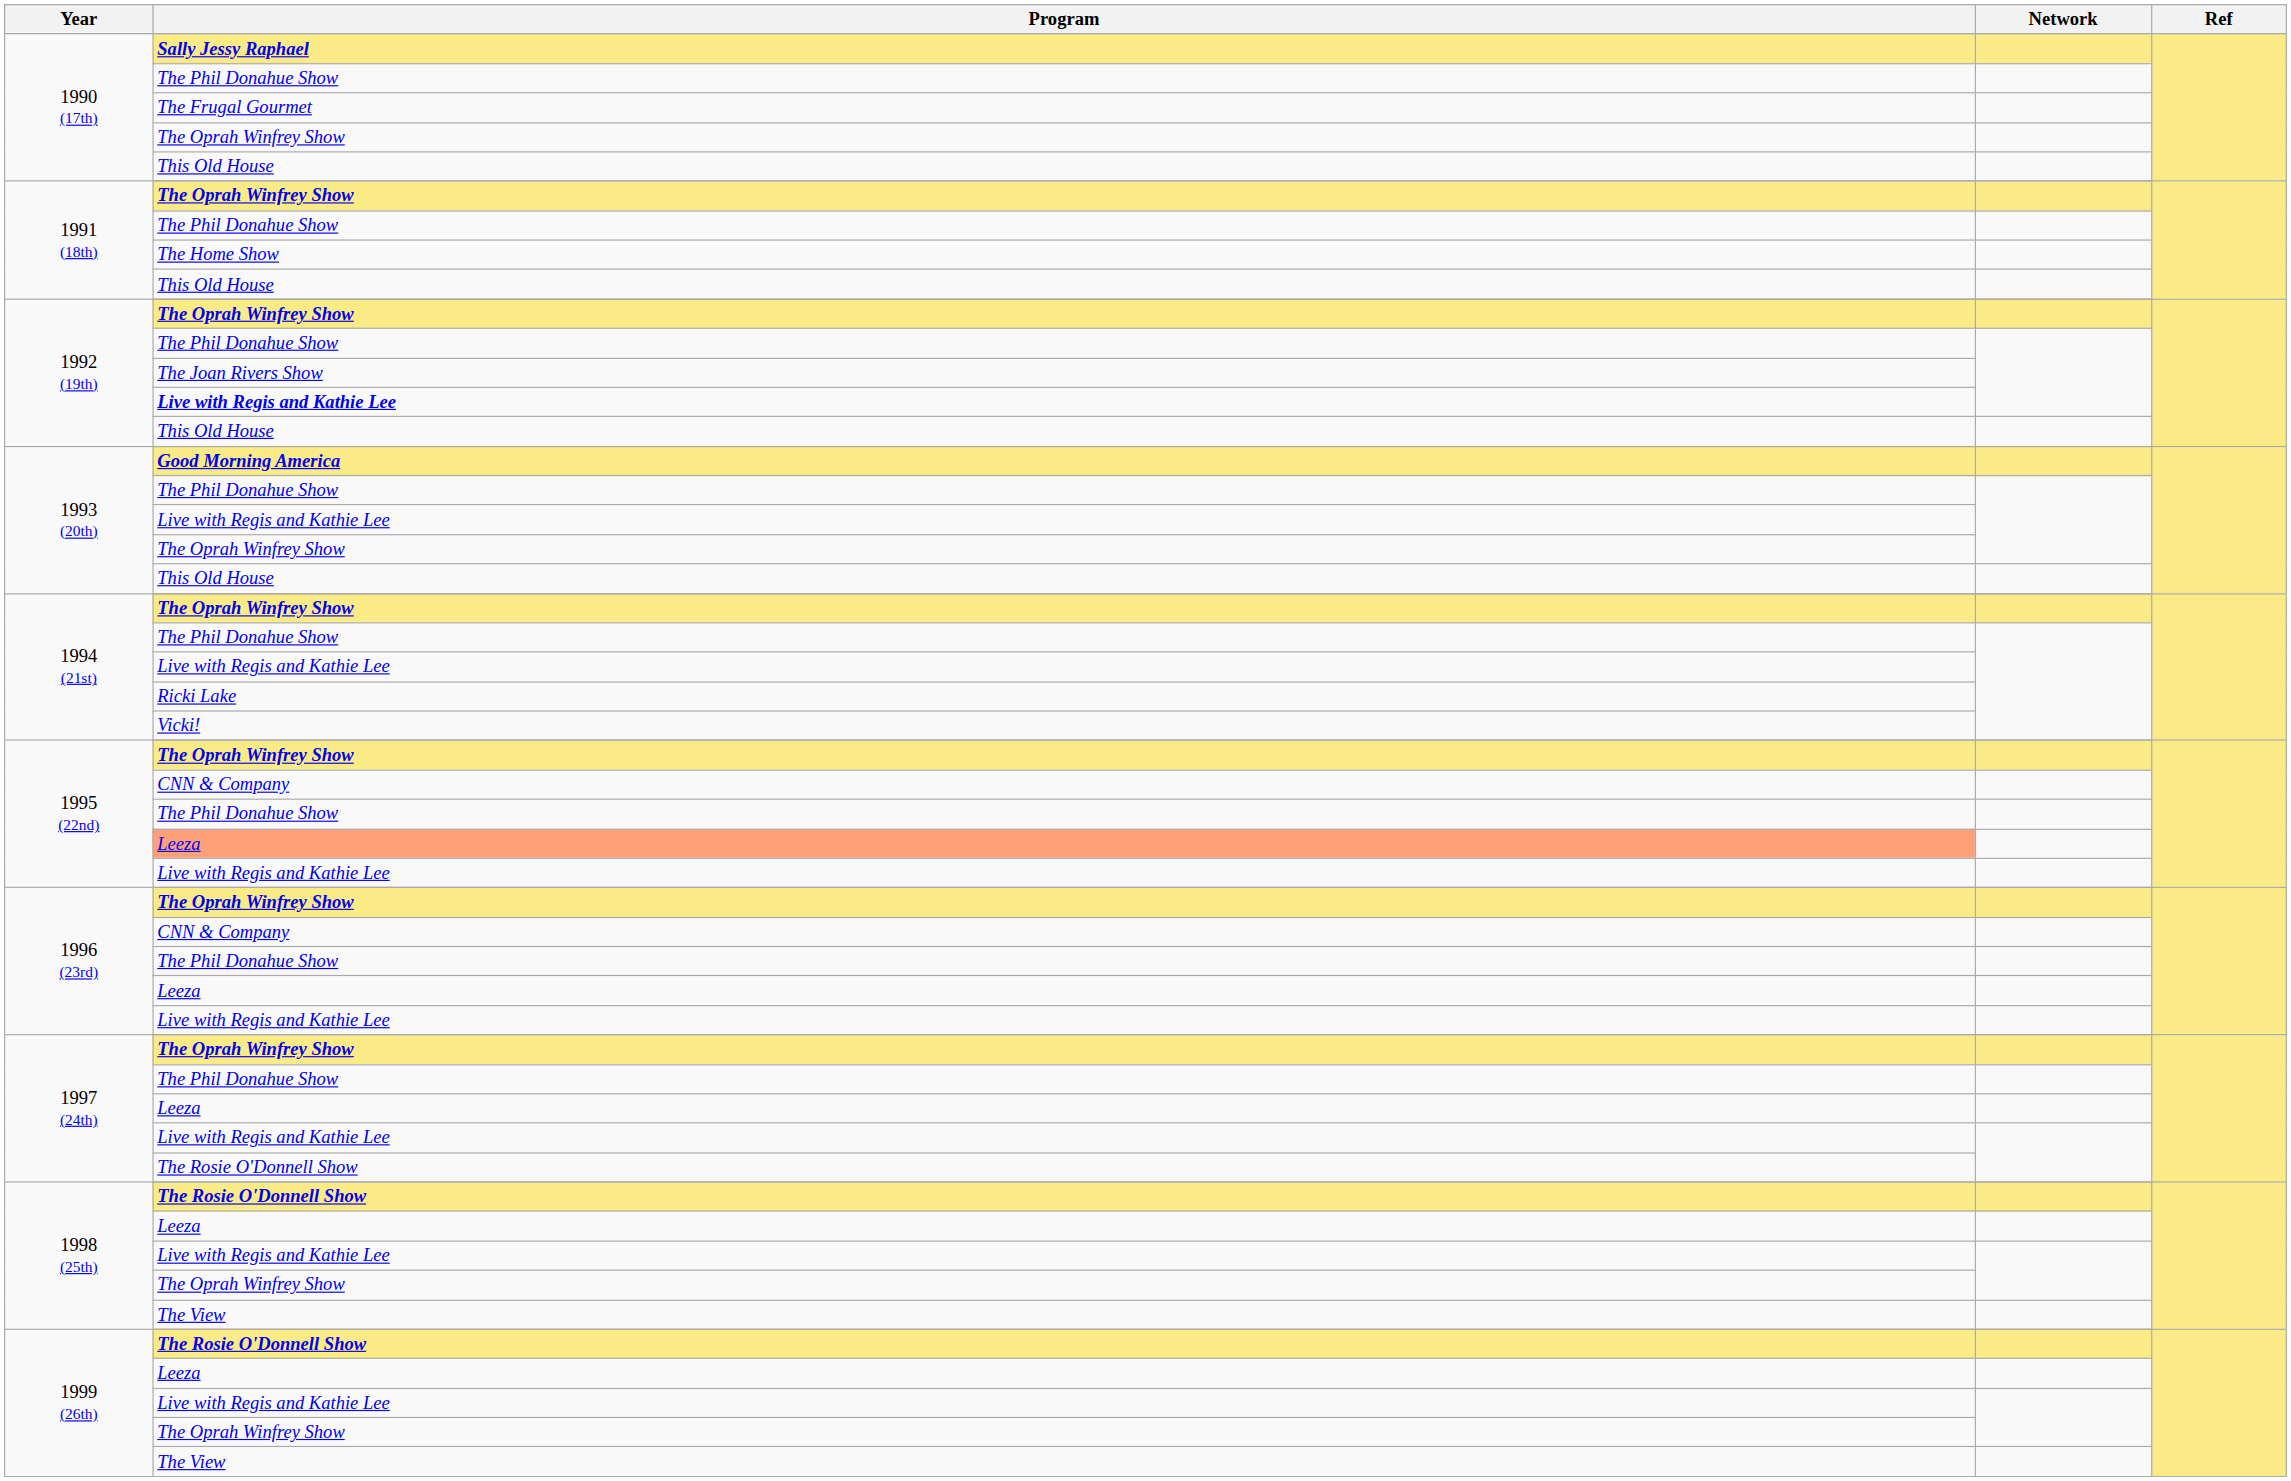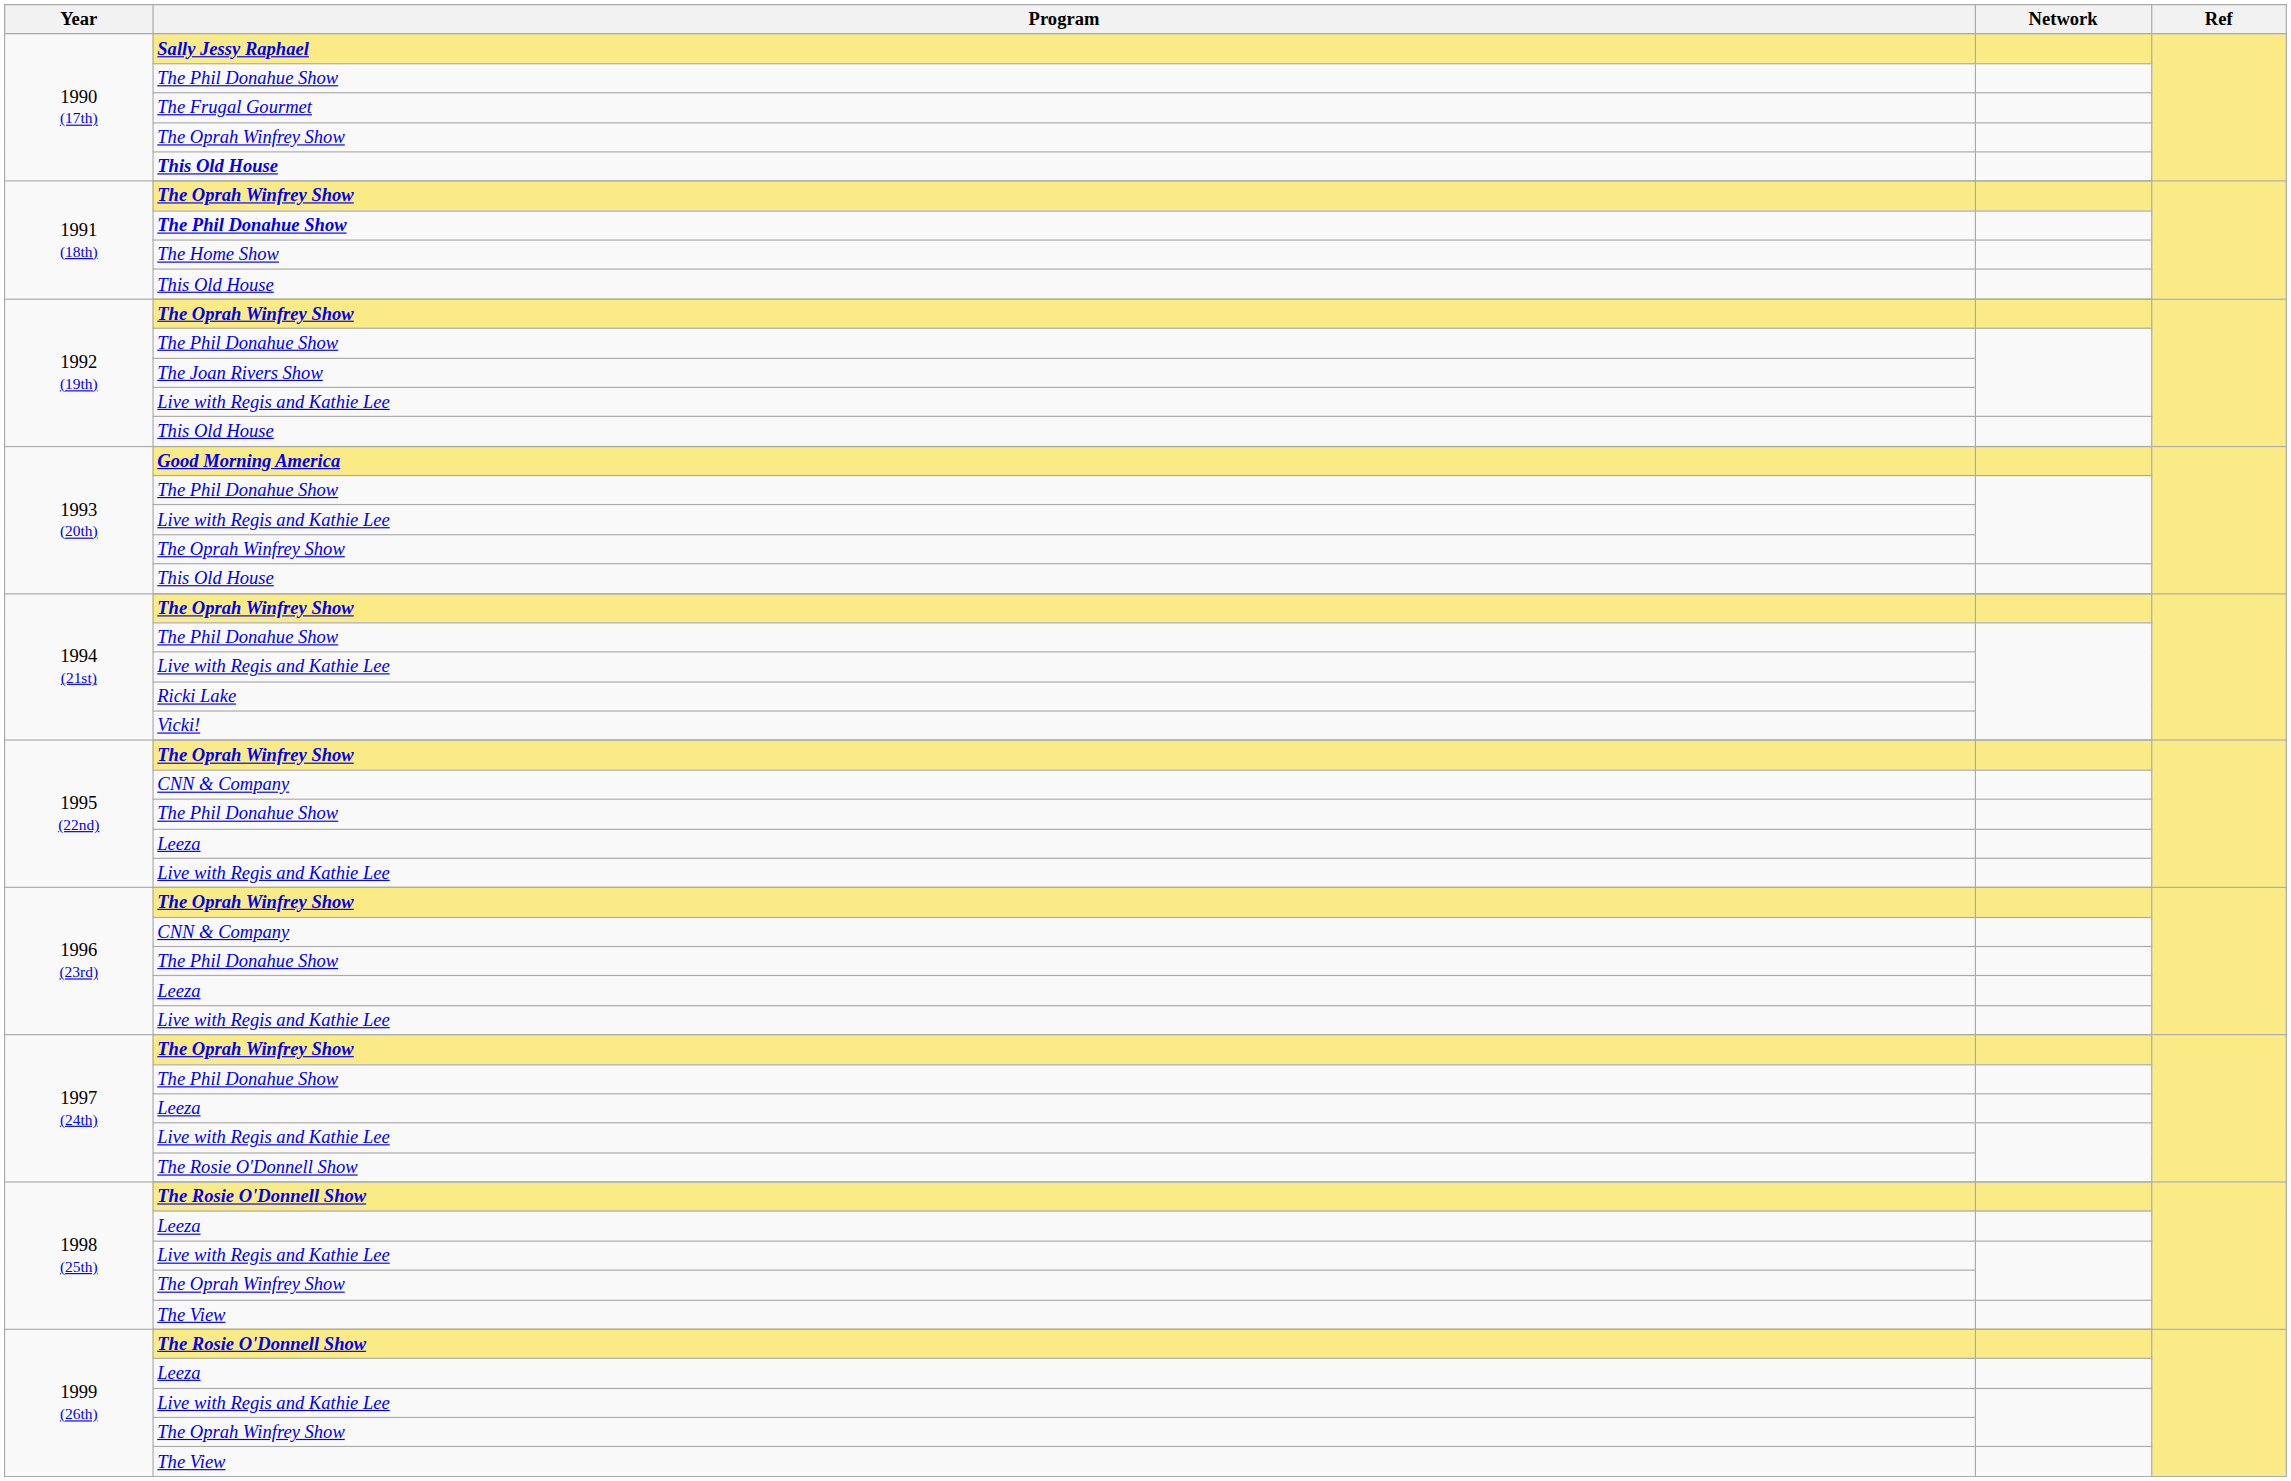 <table class="wikitable">
 <tr style="background:#bebebe;">
 <th style="width:1%;">Year</th>
 <th style="width:15%;">Program</th>
 <th style="width:1%;">Network</th>
 <th style="width:1%;">Ref</th>
 </tr>
 <tr>
 <td rowspan=6 style="text-align:center">1990 <br><small><a href='#'>(17th)</a></small></td>
 </tr>
 <tr style="background:#FAEB86">
 <td><strong><em><a href='#'>Sally Jessy Raphael</a></em></strong> </td>
 <td style="background:#FAEB86"></td>
 <td rowspan=6></td>
 </tr>
 <tr>
 <td><em><a href='#'>The Phil Donahue Show</a></em></td>
 <td></td>
 </tr>
 <tr>
 <td><em><a href='#'>The Frugal Gourmet</a></em></td>
 <td></td>
 </tr>
 <tr>
 <td><em><a href='#'>The Oprah Winfrey Show</a></em></td>
 <td></td>
 </tr>
 <tr>
-<td><em><a href='#'>This Old House</a></em></td>
+<td><strong><em><a href='#'>This Old House</a></em></strong></td>
 <td></td>
 </tr>
 <tr>
 <td rowspan=5 style="text-align:center">1991 <br><small><a href='#'>(18th)</a></small></td>
 </tr>
 <tr style="background:#FAEB86">
 <td><strong><em><a href='#'>The Oprah Winfrey Show</a></em></strong> </td>
 <td style="background:#FAEB86"></td>
 <td rowspan=5></td>
 </tr>
 <tr>
-<td><em><a href='#'>The Phil Donahue Show</a></em></td>
+<td><strong><em><a href='#'>The Phil Donahue Show</a></em></strong></td>
 <td></td>
 </tr>
 <tr>
 <td><em><a href='#'>The Home Show</a></em></td>
 <td></td>
 </tr>
 <tr>
 <td><em><a href='#'>This Old House</a></em></td>
 <td></td>
 </tr>
 <tr>
 <td rowspan=6 style="text-align:center">1992<br><small><a href='#'>(19th)</a></small></td>
 </tr>
 <tr style="background:#FAEB86">
 <td><strong><em><a href='#'>The Oprah Winfrey Show</a></em></strong> </td>
 <td style="background:#FAEB86"></td>
 <td rowspan=6></td>
 </tr>
 <tr>
 <td><em><a href='#'>The Phil Donahue Show</a></em></td>
 <td rowspan=3></td>
 </tr>
 <tr>
 <td><em><a href='#'>The Joan Rivers Show</a></em></td>
 </tr>
 <tr>
-<td><strong><em><a href='#'>Live with Regis and Kathie Lee</a></em></strong></td>
+<td><em><a href='#'>Live with Regis and Kathie Lee</a></em></td>
 </tr>
 <tr>
 <td><em><a href='#'>This Old House</a></em></td>
 <td></td>
 </tr>
 <tr>
 <td rowspan=6 style="text-align:center">1993<br><small><a href='#'>(20th)</a></small></td>
 </tr>
 <tr style="background:#FAEB86">
 <td><strong><em><a href='#'>Good Morning America</a></em></strong> </td>
 <td style="background:#FAEB86"></td>
 <td rowspan=6></td>
 </tr>
 <tr>
 <td><em><a href='#'>The Phil Donahue Show</a></em></td>
 <td rowspan=3></td>
 </tr>
 <tr>
 <td><em><a href='#'>Live with Regis and Kathie Lee</a></em></td>
 </tr>
 <tr>
 <td><em><a href='#'>The Oprah Winfrey Show</a></em></td>
 </tr>
 <tr>
 <td><em><a href='#'>This Old House</a></em></td>
 <td></td>
 </tr>
 <tr>
 <td rowspan=6 style="text-align:center">1994 <br><small><a href='#'>(21st)</a></small></td>
 </tr>
 <tr style="background:#FAEB86">
 <td><strong><em><a href='#'>The Oprah Winfrey Show</a></em></strong> </td>
 <td style="background:#FAEB86"></td>
 <td rowspan=6></td>
 </tr>
 <tr>
 <td><em><a href='#'>The Phil Donahue Show</a></em></td>
 <td rowspan=4></td>
 </tr>
 <tr>
 <td><em><a href='#'>Live with Regis and Kathie Lee</a></em></td>
 </tr>
 <tr>
 <td><em><a href='#'>Ricki Lake</a></em></td>
 </tr>
 <tr>
 <td><em><a href='#'>Vicki!</a></em></td>
 </tr>
 <tr>
 <td rowspan=6 style="text-align:center">1995 <br><small><a href='#'>(22nd)</a></small></td>
 </tr>
 <tr style="background:#FAEB86">
 <td><strong><em><a href='#'>The Oprah Winfrey Show</a></em></strong> </td>
 <td style="background:#FAEB86"></td>
 <td rowspan=6></td>
 </tr>
 <tr>
 <td><em><a href='#'>CNN & Company</a></em></td>
 <td></td>
 </tr>
 <tr>
 <td><em><a href='#'>The Phil Donahue Show</a></em></td>
 <td></td>
 </tr>
 <tr>
-<td style="background: lightsalmon;"><em><a href='#'>Leeza</a></em></td>
+<td><em><a href='#'>Leeza</a></em></td>
 <td></td>
 </tr>
 <tr>
 <td><em><a href='#'>Live with Regis and Kathie Lee</a></em></td>
 <td></td>
 </tr>
 <tr>
 <td rowspan=6 style="text-align:center">1996 <br><small><a href='#'>(23rd)</a></small></td>
 </tr>
 <tr style="background:#FAEB86">
 <td><strong><em><a href='#'>The Oprah Winfrey Show</a></em></strong> </td>
 <td style="background:#FAEB86"></td>
 <td rowspan=6></td>
 </tr>
 <tr>
 <td><em><a href='#'>CNN & Company</a></em></td>
 <td></td>
 </tr>
 <tr>
 <td><em><a href='#'>The Phil Donahue Show</a></em></td>
 <td></td>
 </tr>
 <tr>
 <td><em><a href='#'>Leeza</a></em></td>
 <td></td>
 </tr>
 <tr>
 <td><em><a href='#'>Live with Regis and Kathie Lee</a></em></td>
 <td></td>
 </tr>
 <tr>
 <td rowspan=6 style="text-align:center">1997 <br><small><a href='#'>(24th)</a></small></td>
 </tr>
 <tr style="background:#FAEB86">
 <td><strong><em><a href='#'>The Oprah Winfrey Show</a></em></strong> </td>
 <td style="background:#FAEB86"></td>
 <td rowspan=6></td>
 </tr>
 <tr>
 <td><em><a href='#'>The Phil Donahue Show</a></em></td>
 <td></td>
 </tr>
 <tr>
 <td><em><a href='#'>Leeza</a></em></td>
 <td></td>
 </tr>
 <tr>
 <td><em><a href='#'>Live with Regis and Kathie Lee</a></em></td>
 <td rowspan=2></td>
 </tr>
 <tr>
 <td><em><a href='#'>The Rosie O'Donnell Show</a></em></td>
 </tr>
 <tr>
 <td rowspan=6 style="text-align:center">1998 <br><small><a href='#'>(25th)</a></small></td>
 </tr>
 <tr style="background:#FAEB86">
 <td><strong><em><a href='#'>The Rosie O'Donnell Show</a></em></strong> </td>
 <td style="background:#FAEB86"></td>
 <td rowspan=6></td>
 </tr>
 <tr>
 <td><em><a href='#'>Leeza</a></em></td>
 <td></td>
 </tr>
 <tr>
 <td><em><a href='#'>Live with Regis and Kathie Lee</a></em></td>
 <td rowspan=2></td>
 </tr>
 <tr>
 <td><em><a href='#'>The Oprah Winfrey Show</a></em></td>
 </tr>
 <tr>
 <td><em><a href='#'>The View</a></em></td>
 <td></td>
 </tr>
 <tr>
 <td rowspan=6 style="text-align:center">1999<br><small><a href='#'>(26th)</a></small></td>
 </tr>
 <tr style="background:#FAEB86">
 <td><strong><em><a href='#'>The Rosie O'Donnell Show</a></em></strong> </td>
 <td style="background:#FAEB86"></td>
 <td rowspan=6></td>
 </tr>
 <tr>
 <td><em><a href='#'>Leeza</a></em></td>
 <td></td>
 </tr>
 <tr>
 <td><em><a href='#'>Live with Regis and Kathie Lee</a></em></td>
 <td rowspan=2></td>
 </tr>
 <tr>
 <td><em><a href='#'>The Oprah Winfrey Show</a></em></td>
 </tr>
 <tr>
 <td><em><a href='#'>The View</a></em></td>
 <td></td>
 </tr>
 </table>
